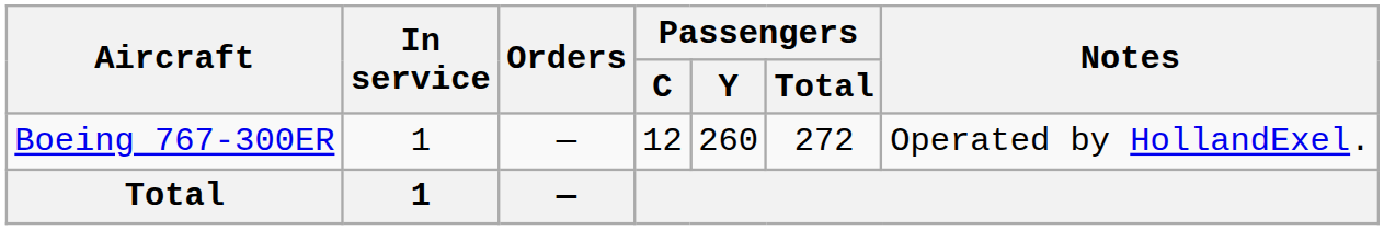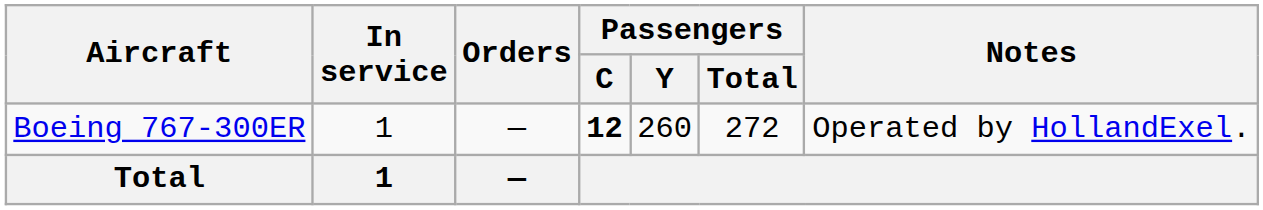 <table class="wikitable" style="margin:0.5em auto; text-align:center">
 <tr>
 <th rowspan=2>Aircraft</th>
 <th rowspan=2>In <br> service</th>
 <th rowspan=2>Orders</th>
 <th colspan=3>Passengers</th>
 <th rowspan=2>Notes</th>
 </tr>
 <tr>
 <th><abbr>C</abbr></th>
 <th><abbr>Y</abbr></th>
 <th>Total</th>
 </tr>
 <tr>
 <td><a href='#'>Boeing 767-300ER</a></td>
 <td>1</td>
 <td>—</td>
-<td>12</td>
+<td><strong>12</strong></td>
 <td>260</td>
 <td>272</td>
 <td>Operated by <a href='#'>HollandExel</a>.</td>
 </tr>
 <tr>
 <th>Total</th>
 <th>1</th>
 <th>—</th>
 <th colspan=5></th>
 </tr>
 </table>
